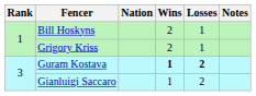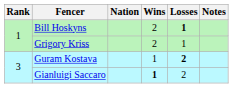 <table class="wikitable sortable" style="text-align:center">
 <tr>
 <th>Rank</th>
 <th>Fencer</th>
 <th>Nation</th>
 <th>Wins</th>
 <th>Losses</th>
 <th>Notes</th>
 </tr>
 <tr bgcolor=bbf3bb>
 <td rowspan=2>1</td>
 <td align=left><a href='#'>Bill Hoskyns</a></td>
 <td align=left></td>
 <td>2</td>
-<td>1</td>
+<td><strong>1</strong></td>
 <td></td>
 </tr>
 <tr bgcolor=bbf3bb>
 <td align=left><a href='#'>Grigory Kriss</a></td>
 <td align=left></td>
 <td>2</td>
 <td>1</td>
 <td></td>
 </tr>
 <tr bgcolor=bbf9ff>
 <td rowspan=2>3</td>
 <td align=left><a href='#'>Guram Kostava</a></td>
 <td align=left></td>
-<td><strong>1</strong></td>
+<td>1</td>
 <td><strong>2</strong></td>
 <td></td>
 </tr>
 <tr bgcolor=bbf9ff>
 <td align=left><a href='#'>Gianluigi Saccaro</a></td>
 <td align=left></td>
-<td>1</td>
+<td><strong>1</strong></td>
 <td>2</td>
 <td></td>
 </tr>
 </table>
